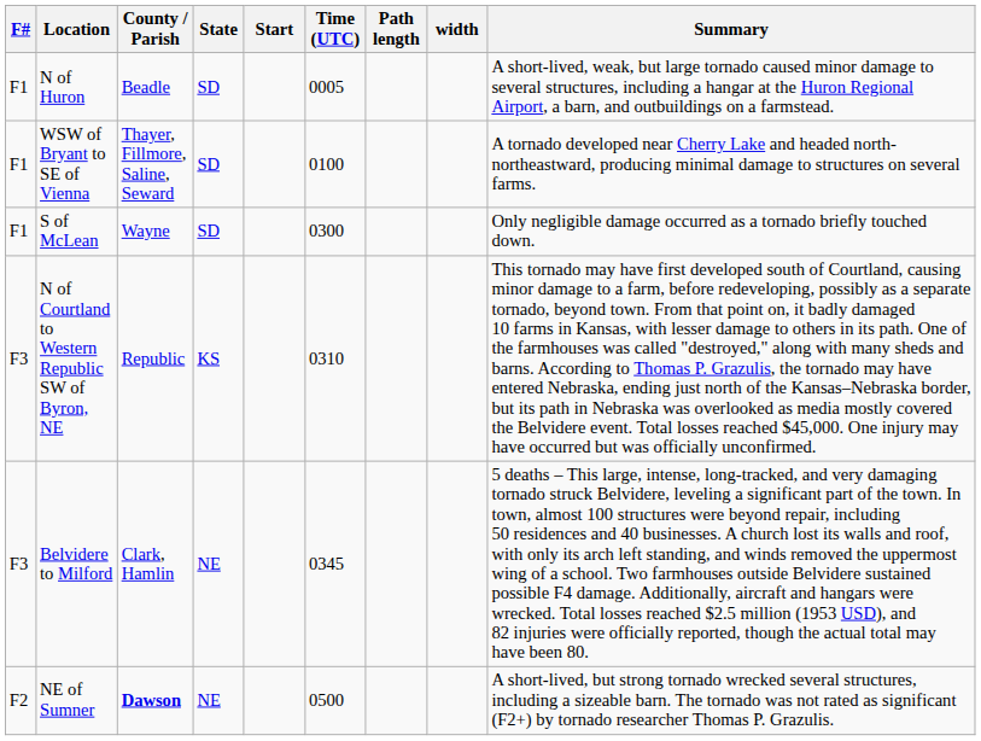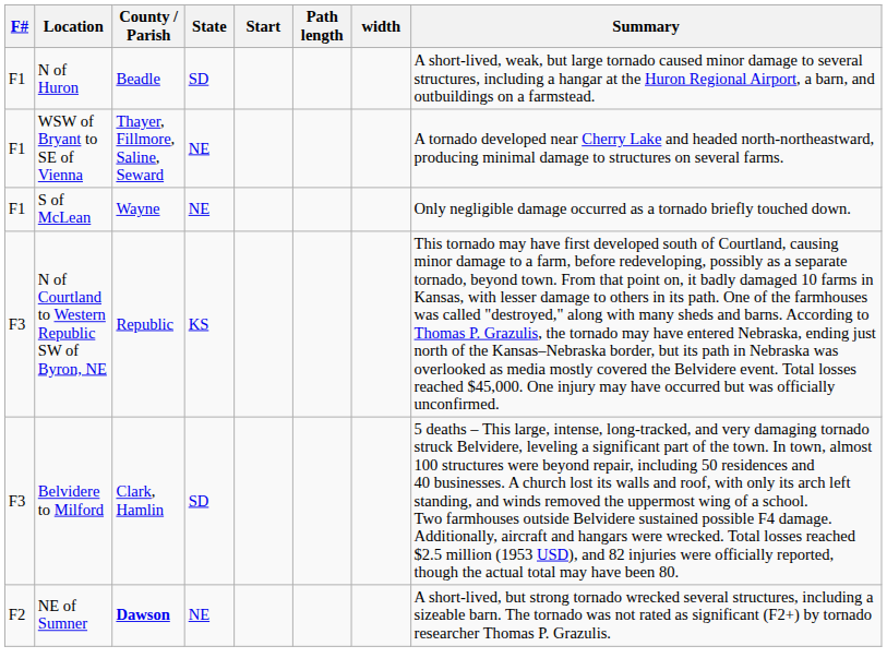 <table class="wikitable sortable" style="width:100%;">
 <tr>
 <th scope="col"  style="width:3%; text-align:center;"><a href='#'>F#</a></th>
 <th scope="col"  style="width:7%; text-align:center;" class="unsortable">Location</th>
 <th scope="col"  style="width:6%; text-align:center;" class="unsortable">County / Parish</th>
 <th scope="col"  style="width:5%; text-align:center;">State</th>
 <th scope="col"  style="width:6%; text-align:center;">Start </th>
-<th scope="col"  style="width:6%; text-align:center;">Time (<a href='#'>UTC</a>)</th>
 <th scope="col"  style="width:6%; text-align:center;">Path length</th>
 <th scope="col"  style="width:6%; text-align:center;"> width</th>
 <th scope="col" class="unsortable" style="width:48%; text-align:center;">Summary</th>
 </tr>
 <tr>
 <td>F1</td>
 <td>N of <a href='#'>Huron</a></td>
 <td><a href='#'>Beadle</a></td>
 <td><a href='#'>SD</a></td>
 <td></td>
-<td>0005</td>
 <td></td>
 <td></td>
 <td>A short-lived, weak, but large tornado caused minor damage to several structures, including a hangar at the <a href='#'>Huron Regional Airport</a>, a barn, and outbuildings on a farmstead.</td>
 </tr>
 <tr>
 <td>F1</td>
 <td>WSW of <a href='#'>Bryant</a> to SE of <a href='#'>Vienna</a></td>
 <td><a href='#'>Thayer</a>, <a href='#'>Fillmore</a>, <a href='#'>Saline</a>, <a href='#'>Seward</a></td>
-<td><a href='#'>SD</a></td>
+<td><a href='#'>NE</a></td>
 <td></td>
-<td>0100</td>
 <td></td>
 <td></td>
 <td>A tornado developed near <a href='#'>Cherry Lake</a> and headed north-northeastward, producing minimal damage to structures on several farms.</td>
 </tr>
 <tr>
 <td>F1</td>
 <td>S of <a href='#'>McLean</a></td>
 <td><a href='#'>Wayne</a></td>
-<td><a href='#'>SD</a></td>
+<td><a href='#'>NE</a></td>
 <td></td>
-<td>0300</td>
 <td></td>
 <td></td>
 <td>Only negligible damage occurred as a tornado briefly touched down.</td>
 </tr>
 <tr>
 <td>F3</td>
 <td>N of <a href='#'>Courtland</a> to <a href='#'>Western Republic</a> SW of <a href='#'>Byron, NE</a></td>
 <td><a href='#'>Republic</a></td>
 <td><a href='#'>KS</a></td>
 <td></td>
-<td>0310</td>
 <td></td>
 <td></td>
 <td>This tornado may have first developed south of Courtland, causing minor damage to a farm, before redeveloping, possibly as a separate tornado, beyond town. From that point on, it badly damaged 10 farms in Kansas, with lesser damage to others in its path. One of the farmhouses was called "destroyed," along with many sheds and barns. According to <a href='#'>Thomas P. Grazulis</a>, the tornado may have entered Nebraska, ending just north of the Kansas–Nebraska border, but its path in Nebraska was overlooked as media mostly covered the Belvidere event. Total losses reached $45,000. One injury may have occurred but was officially unconfirmed.</td>
 </tr>
 <tr>
 <td>F3</td>
 <td><a href='#'>Belvidere</a> to <a href='#'>Milford</a></td>
 <td><a href='#'>Clark</a>, <a href='#'>Hamlin</a></td>
-<td><a href='#'>NE</a></td>
+<td><a href='#'>SD</a></td>
 <td></td>
-<td>0345</td>
 <td></td>
 <td></td>
 <td>5 deaths – This large, intense, long-tracked, and very damaging tornado struck Belvidere, leveling a significant part of the town. In town, almost 100 structures were beyond repair, including 50 residences and 40 businesses. A church lost its walls and roof, with only its arch left standing, and winds removed the uppermost wing of a school. Two farmhouses outside Belvidere sustained possible F4 damage. Additionally, aircraft and hangars were wrecked. Total losses reached $2.5 million (1953 <a href='#'>USD</a>), and 82 injuries were officially reported, though the actual total may have been 80.</td>
 </tr>
 <tr>
 <td>F2</td>
 <td>NE of <a href='#'>Sumner</a></td>
 <td><strong><a href='#'>Dawson</a></strong></td>
 <td><a href='#'>NE</a></td>
 <td></td>
-<td>0500</td>
 <td></td>
 <td></td>
 <td>A short-lived, but strong tornado wrecked several structures, including a sizeable barn. The tornado was not rated as significant (F2+) by tornado researcher Thomas P. Grazulis.</td>
 </tr>
 </table>
